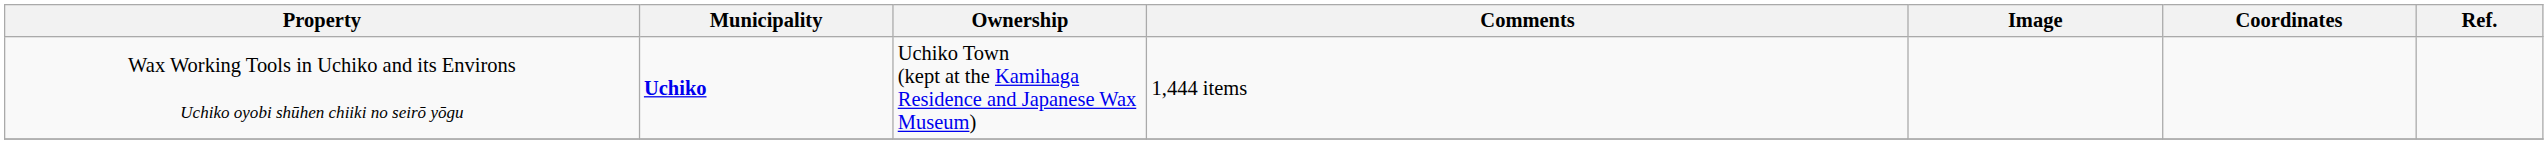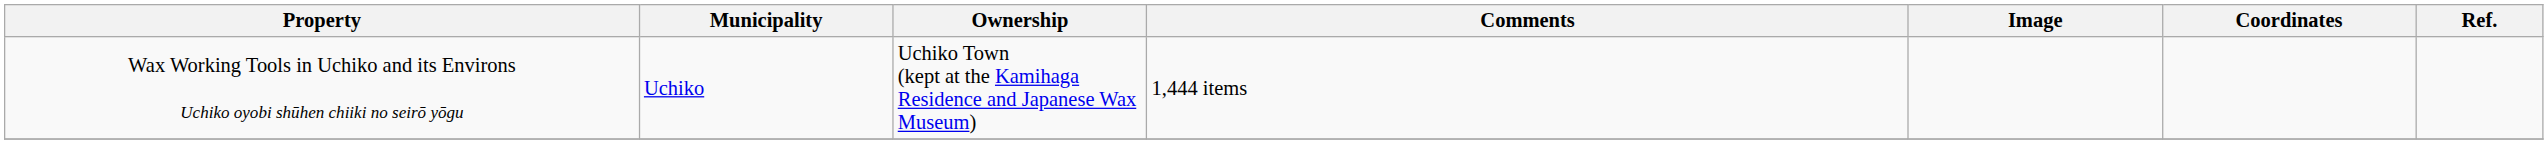 <table class="wikitable sortable"  style="width:100%;">
 <tr>
 <th width="25%" align="left">Property</th>
 <th width="10%" align="left">Municipality</th>
 <th width="10%" align="left">Ownership</th>
 <th width="30%" align="left" class="unsortable">Comments</th>
 <th width="10%" align="left"  class="unsortable">Image</th>
 <th width="10%" align="left" class="unsortable">Coordinates</th>
 <th width="5%" align="left"  class="unsortable">Ref.</th>
 </tr>
 <tr>
 <td align="center">Wax Working Tools in Uchiko and its Environs<br><br><small><em>Uchiko oyobi shūhen chiiki no seirō yōgu</em></small></td>
-<td><strong><a href='#'>Uchiko</a></strong></td>
+<td><a href='#'>Uchiko</a></td>
 <td>Uchiko Town<br>(kept at the <a href='#'>Kamihaga Residence and Japanese Wax Museum</a>)</td>
 <td>1,444 items</td>
 <td></td>
 <td></td>
 <td></td>
 </tr>
 <tr>
 </tr>
 </table>
